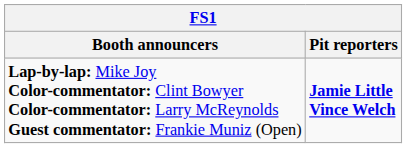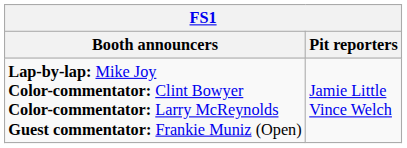 <table class="wikitable" style="font-size: 95%;">
 <tr>
 <th colspan="2"><a href='#'>FS1</a></th>
 </tr>
 <tr>
 <th>Booth announcers</th>
 <th>Pit reporters</th>
 </tr>
 <tr>
 <td><strong>Lap-by-lap:</strong> <a href='#'>Mike Joy</a><br><strong>Color-commentator:</strong> <a href='#'>Clint Bowyer</a><br><strong>Color-commentator:</strong> <a href='#'>Larry McReynolds</a><br><strong>Guest commentator:</strong> <a href='#'>Frankie Muniz</a> (Open)</td>
-<td><strong><a href='#'>Jamie Little</a><br><a href='#'>Vince Welch</a></strong></td>
+<td><a href='#'>Jamie Little</a><br><a href='#'>Vince Welch</a></td>
 </tr>
 </table>
